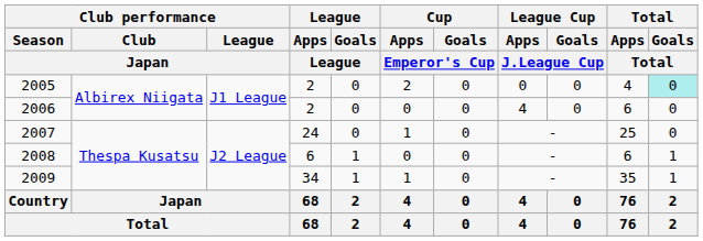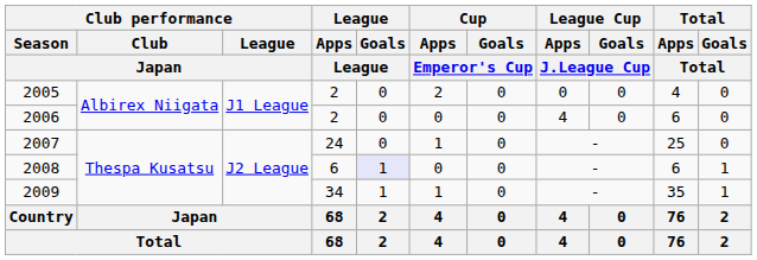 <table class="wikitable" style="text-align:center;">
 <tr>
 <th colspan=3>Club performance</th>
 <th colspan=2>League</th>
 <th colspan=2>Cup</th>
 <th colspan=2>League Cup</th>
 <th colspan=2>Total</th>
 </tr>
 <tr>
 <th>Season</th>
 <th>Club</th>
 <th>League</th>
 <th>Apps</th>
 <th>Goals</th>
 <th>Apps</th>
 <th>Goals</th>
 <th>Apps</th>
 <th>Goals</th>
 <th>Apps</th>
 <th>Goals</th>
 </tr>
 <tr>
 <th colspan=3>Japan</th>
 <th colspan=2>League</th>
 <th colspan=2><a href='#'>Emperor's Cup</a></th>
 <th colspan=2><a href='#'>J.League Cup</a></th>
 <th colspan=2>Total</th>
 </tr>
 <tr>
 <td>2005</td>
 <td rowspan="2"><a href='#'>Albirex Niigata</a></td>
 <td rowspan="2"><a href='#'>J1 League</a></td>
 <td>2</td>
 <td>0</td>
 <td>2</td>
 <td>0</td>
 <td>0</td>
 <td>0</td>
 <td>4</td>
-<td style="background: paleturquoise;">0</td>
+<td>0</td>
 </tr>
 <tr>
 <td>2006</td>
 <td>2</td>
 <td>0</td>
 <td>0</td>
 <td>0</td>
 <td>4</td>
 <td>0</td>
 <td>6</td>
 <td>0</td>
 </tr>
 <tr>
 <td>2007</td>
 <td rowspan="3"><a href='#'>Thespa Kusatsu</a></td>
 <td rowspan="3"><a href='#'>J2 League</a></td>
 <td>24</td>
 <td>0</td>
 <td>1</td>
 <td>0</td>
 <td colspan="2">-</td>
 <td>25</td>
 <td>0</td>
 </tr>
 <tr>
 <td>2008</td>
 <td>6</td>
-<td>1</td>
+<td style="background: lavender;">1</td>
 <td>0</td>
 <td>0</td>
 <td colspan="2">-</td>
 <td>6</td>
 <td>1</td>
 </tr>
 <tr>
 <td>2009</td>
 <td>34</td>
 <td>1</td>
 <td>1</td>
 <td>0</td>
 <td colspan="2">-</td>
 <td>35</td>
 <td>1</td>
 </tr>
 <tr>
 <th rowspan=1>Country</th>
 <th colspan=2>Japan</th>
 <th>68</th>
 <th>2</th>
 <th>4</th>
 <th>0</th>
 <th>4</th>
 <th>0</th>
 <th>76</th>
 <th>2</th>
 </tr>
 <tr>
 <th colspan=3>Total</th>
 <th>68</th>
 <th>2</th>
 <th>4</th>
 <th>0</th>
 <th>4</th>
 <th>0</th>
 <th>76</th>
 <th>2</th>
 </tr>
 </table>
